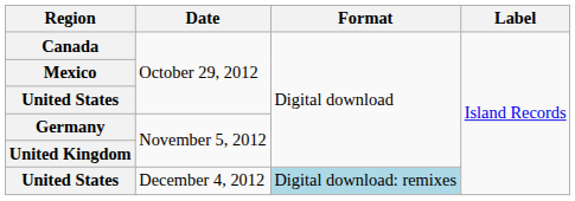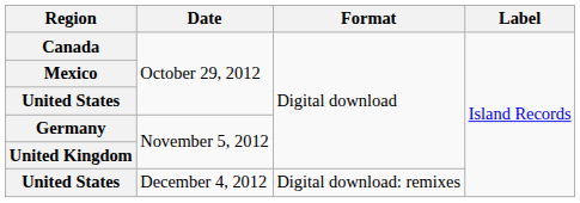 <table class="wikitable plainrowheaders">
 <tr>
 <th scope="col">Region</th>
 <th scope="col">Date</th>
 <th scope="col">Format</th>
 <th scope="col">Label</th>
 </tr>
 <tr>
 <th scope="row">Canada</th>
 <td rowspan="3">October 29, 2012</td>
 <td rowspan="5">Digital download</td>
 <td rowspan="6"><a href='#'>Island Records</a></td>
 </tr>
 <tr>
 <th scope="row">Mexico</th>
 </tr>
 <tr>
 <th scope="row">United States</th>
 </tr>
 <tr>
 <th scope="row">Germany</th>
 <td rowspan="2">November 5, 2012</td>
 </tr>
 <tr>
 <th scope="row">United Kingdom</th>
 </tr>
 <tr>
 <th scope="row">United States</th>
 <td>December 4, 2012</td>
-<td style="background: lightblue;">Digital download: remixes</td>
+<td>Digital download: remixes</td>
 </tr>
 </table>
